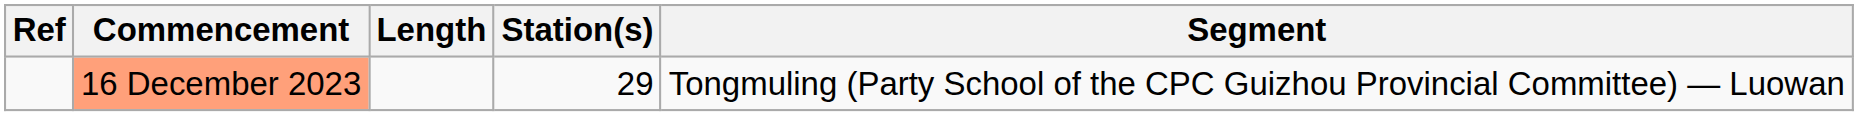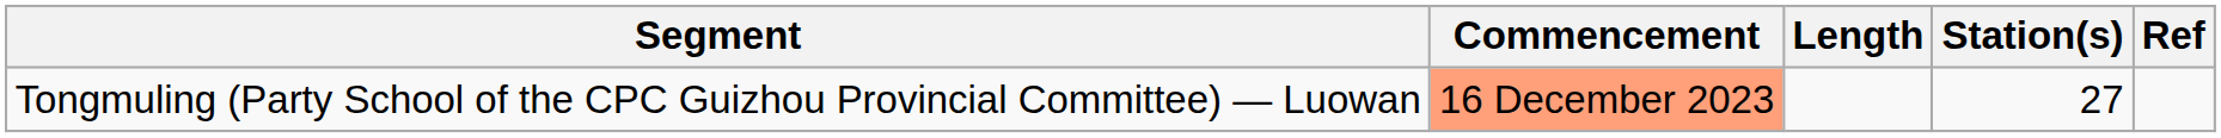 <table class="wikitable" style="border-collapse: collapse; text-align: right;">
 <tr>
-<th>Ref</th>
+<th>Segment</th>
 <th>Commencement</th>
 <th>Length</th>
 <th>Station(s)</th>
-<th>Segment</th>
+<th>Ref</th>
 </tr>
 <tr>
-<td></td>
+<td style="text-align: left;">Tongmuling (Party School of the CPC Guizhou Provincial Committee) — Luowan</td>
 <td style="background: lightsalmon;">16 December 2023</td>
 <td></td>
-<td>29</td>
-<td style="text-align: left;">Tongmuling (Party School of the CPC Guizhou Provincial Committee) — Luowan</td>
+<td>27</td>
+<td></td>
 </tr>
 </table>
